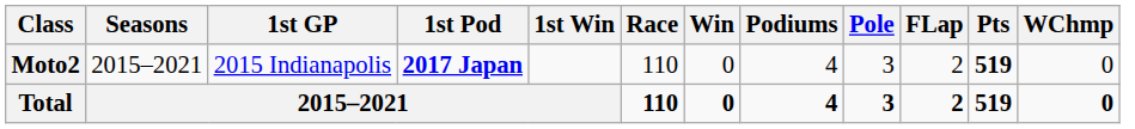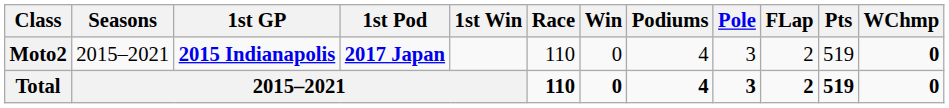 <table class="wikitable" style=text-align:right;">
 <tr>
 <th>Class</th>
 <th>Seasons</th>
 <th>1st GP</th>
 <th>1st Pod</th>
 <th>1st Win</th>
 <th>Race</th>
 <th>Win</th>
 <th>Podiums</th>
 <th><a href='#'>Pole</a></th>
 <th>FLap</th>
 <th>Pts</th>
 <th>WChmp</th>
 </tr>
 <tr>
 <th>Moto2</th>
 <td>2015–2021</td>
-<td style="text-align:left;"><a href='#'>2015 Indianapolis</a></td>
+<td style="text-align:left;"><strong><a href='#'>2015 Indianapolis</a></strong></td>
 <td style="text-align:left;"><strong><a href='#'>2017 Japan</a></strong></td>
 <td style="text-align:left;"></td>
 <td>110</td>
 <td>0</td>
 <td>4</td>
 <td>3</td>
 <td>2</td>
-<td><strong>519</strong></td>
-<td>0</td>
+<td>519</td>
+<td><strong>0</strong></td>
 </tr>
 <tr>
 <th>Total</th>
 <th colspan="4">2015–2021</th>
 <td><strong>110</strong></td>
 <td><strong>0</strong></td>
 <td><strong>4</strong></td>
 <td><strong>3</strong></td>
 <td><strong>2</strong></td>
 <td><strong>519</strong></td>
 <td><strong>0</strong></td>
 </tr>
 </table>
